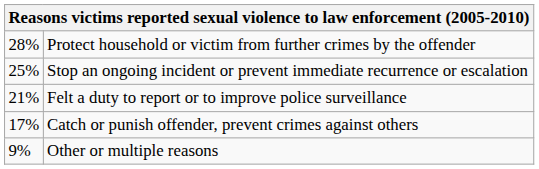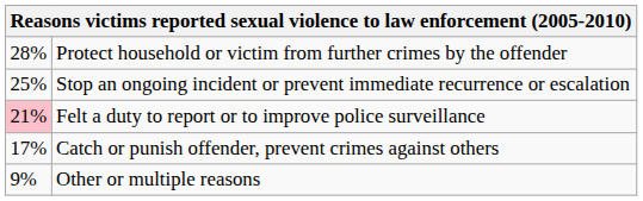 <table class=wikitable>
 <tr>
 <th colspan=2>Reasons victims reported sexual violence to law enforcement (2005-2010)</th>
 </tr>
 <tr>
 <td>28%</td>
 <td>Protect household or victim from further crimes by the offender</td>
 </tr>
 <tr>
 <td>25%</td>
 <td>Stop an ongoing incident or prevent immediate recurrence or escalation</td>
 </tr>
 <tr>
-<td>21%</td>
+<td style="background: pink;">21%</td>
 <td>Felt a duty to report or to improve police surveillance</td>
 </tr>
 <tr>
 <td>17%</td>
 <td>Catch or punish offender, prevent crimes against others</td>
 </tr>
 <tr>
 <td>9%</td>
 <td>Other or multiple reasons</td>
 </tr>
 </table>
